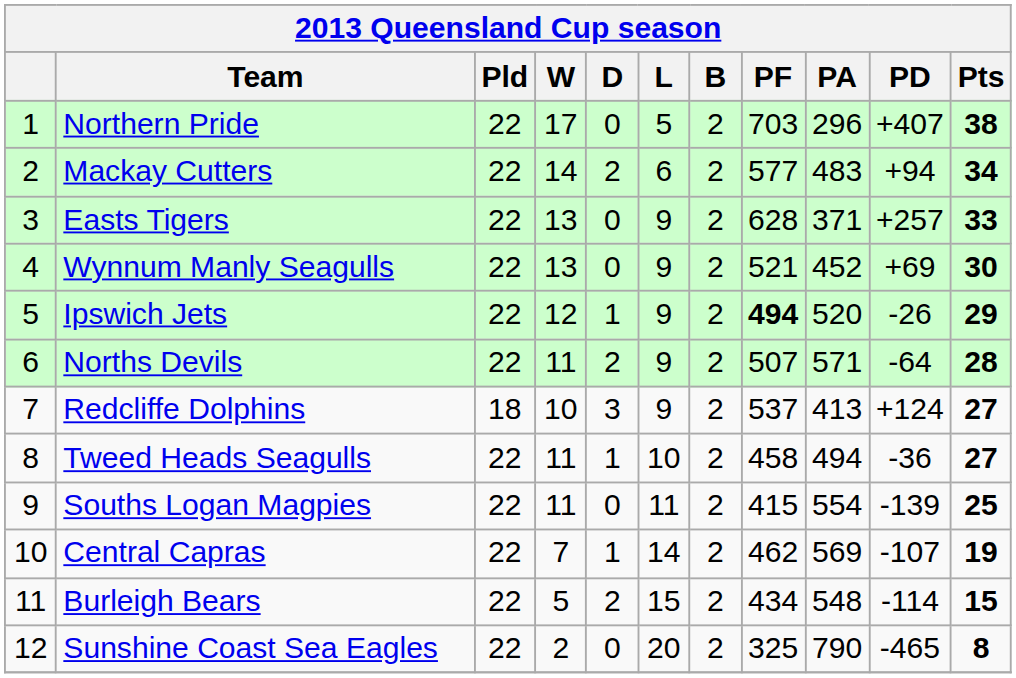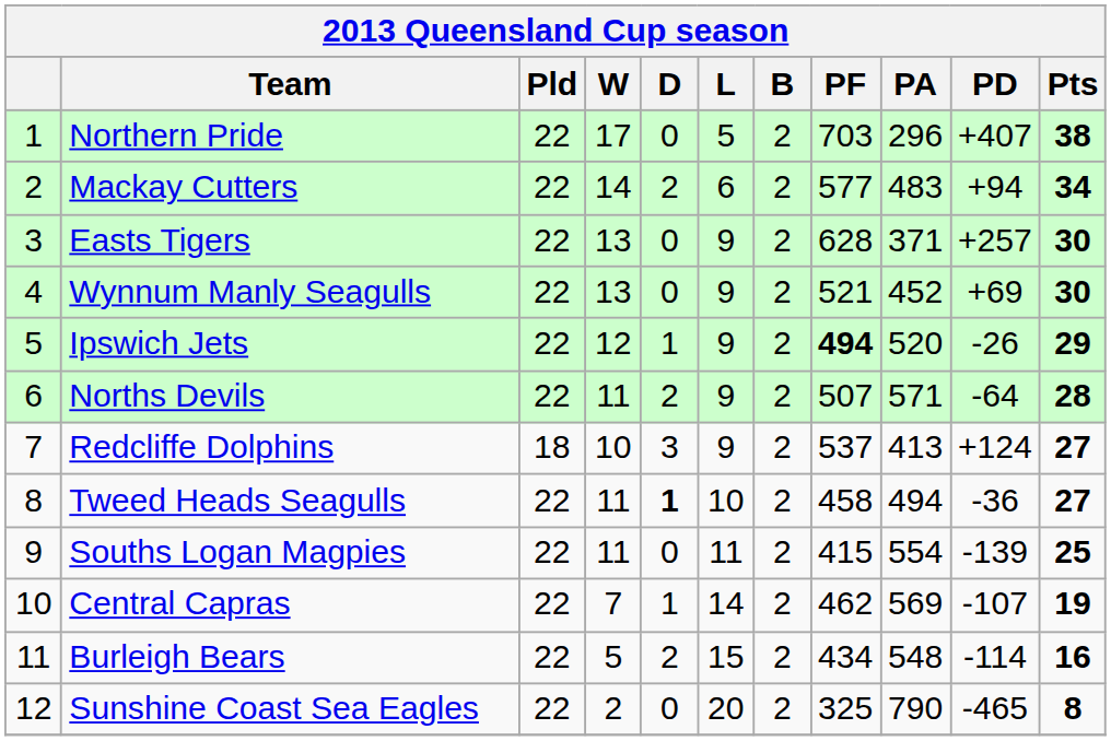 <table class="wikitable" style="text-align:center;">
 <tr>
 <th colspan=11><a href='#'>2013 Queensland Cup season</a></th>
 </tr>
 <tr>
 <th width=20 abbr="Position"></th>
 <th width=215>Team</th>
 <th width=20 abbr="Played">Pld</th>
 <th width=20 abbr="Won">W</th>
 <th width=20 abbr="Drawn">D</th>
 <th width=20 abbr="Lost">L</th>
 <th width=20 abbr="Bye">B</th>
 <th width=20 abbr="Points for">PF</th>
 <th width=20 abbr="Points against">PA</th>
 <th width=20 abbr="Points difference">PD</th>
 <th width=20 abbr="Points">Pts</th>
 </tr>
 <tr style="background: #ccffcc;">
 <td>1</td>
 <td style="text-align:left;"> <a href='#'>Northern Pride</a></td>
 <td>22</td>
 <td>17</td>
 <td>0</td>
 <td>5</td>
 <td>2</td>
 <td>703</td>
 <td>296</td>
 <td>+407</td>
 <td><strong>38</strong></td>
 </tr>
 <tr style="background: #ccffcc;">
 <td>2</td>
 <td style="text-align:left;"> <a href='#'>Mackay Cutters</a></td>
 <td>22</td>
 <td>14</td>
 <td>2</td>
 <td>6</td>
 <td>2</td>
 <td>577</td>
 <td>483</td>
 <td>+94</td>
 <td><strong>34</strong></td>
 </tr>
 <tr style="background: #ccffcc;">
 <td>3</td>
 <td style="text-align:left;"> <a href='#'>Easts Tigers</a></td>
 <td>22</td>
 <td>13</td>
 <td>0</td>
 <td>9</td>
 <td>2</td>
 <td>628</td>
 <td>371</td>
 <td>+257</td>
-<td><strong>33</strong></td>
+<td><strong>30</strong></td>
 </tr>
 <tr style="background: #ccffcc;">
 <td>4</td>
 <td style="text-align:left;"> <a href='#'>Wynnum Manly Seagulls</a></td>
 <td>22</td>
 <td>13</td>
 <td>0</td>
 <td>9</td>
 <td>2</td>
 <td>521</td>
 <td>452</td>
 <td>+69</td>
 <td><strong>30</strong></td>
 </tr>
 <tr style="background: #ccffcc;">
 <td>5</td>
 <td style="text-align:left;"> <a href='#'>Ipswich Jets</a></td>
 <td>22</td>
 <td>12</td>
 <td>1</td>
 <td>9</td>
 <td>2</td>
 <td><strong>494</strong></td>
 <td>520</td>
 <td>-26</td>
 <td><strong>29</strong></td>
 </tr>
 <tr style="background: #ccffcc;">
 <td>6</td>
 <td style="text-align:left;"> <a href='#'>Norths Devils</a></td>
 <td>22</td>
 <td>11</td>
 <td>2</td>
 <td>9</td>
 <td>2</td>
 <td>507</td>
 <td>571</td>
 <td>-64</td>
 <td><strong>28</strong></td>
 </tr>
 <tr style="background:">
 <td>7</td>
 <td style="text-align:left;"> <a href='#'>Redcliffe Dolphins</a></td>
 <td>18</td>
 <td>10</td>
 <td>3</td>
 <td>9</td>
 <td>2</td>
 <td>537</td>
 <td>413</td>
 <td>+124</td>
 <td><strong>27</strong></td>
 </tr>
 <tr style="background:">
 <td>8</td>
 <td style="text-align:left;"> <a href='#'>Tweed Heads Seagulls</a></td>
 <td>22</td>
 <td>11</td>
-<td>1</td>
+<td><strong>1</strong></td>
 <td>10</td>
 <td>2</td>
 <td>458</td>
 <td>494</td>
 <td>-36</td>
 <td><strong>27</strong></td>
 </tr>
 <tr style="background:">
 <td>9</td>
 <td style="text-align:left;"> <a href='#'>Souths Logan Magpies</a></td>
 <td>22</td>
 <td>11</td>
 <td>0</td>
 <td>11</td>
 <td>2</td>
 <td>415</td>
 <td>554</td>
 <td>-139</td>
 <td><strong>25</strong></td>
 </tr>
 <tr style="background:">
 <td>10</td>
 <td style="text-align:left;"> <a href='#'>Central Capras</a></td>
 <td>22</td>
 <td>7</td>
 <td>1</td>
 <td>14</td>
 <td>2</td>
 <td>462</td>
 <td>569</td>
 <td>-107</td>
 <td><strong>19</strong></td>
 </tr>
 <tr style="background:">
 <td>11</td>
 <td style="text-align:left;"> <a href='#'>Burleigh Bears</a></td>
 <td>22</td>
 <td>5</td>
 <td>2</td>
 <td>15</td>
 <td>2</td>
 <td>434</td>
 <td>548</td>
 <td>-114</td>
-<td><strong>15</strong></td>
+<td><strong>16</strong></td>
 </tr>
 <tr style="background:">
 <td>12</td>
 <td style="text-align:left;"> <a href='#'>Sunshine Coast Sea Eagles</a></td>
 <td>22</td>
 <td>2</td>
 <td>0</td>
 <td>20</td>
 <td>2</td>
 <td>325</td>
 <td>790</td>
 <td>-465</td>
 <td><strong>8</strong></td>
 </tr>
 <tr>
 </tr>
 </table>
